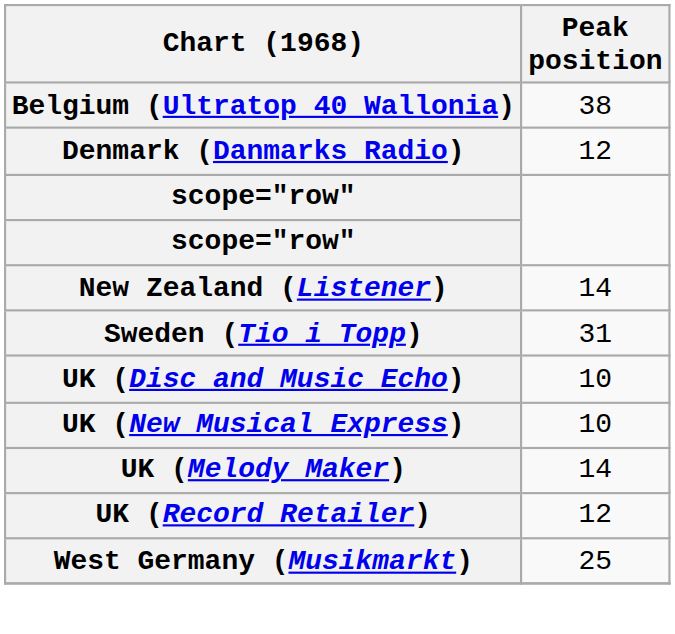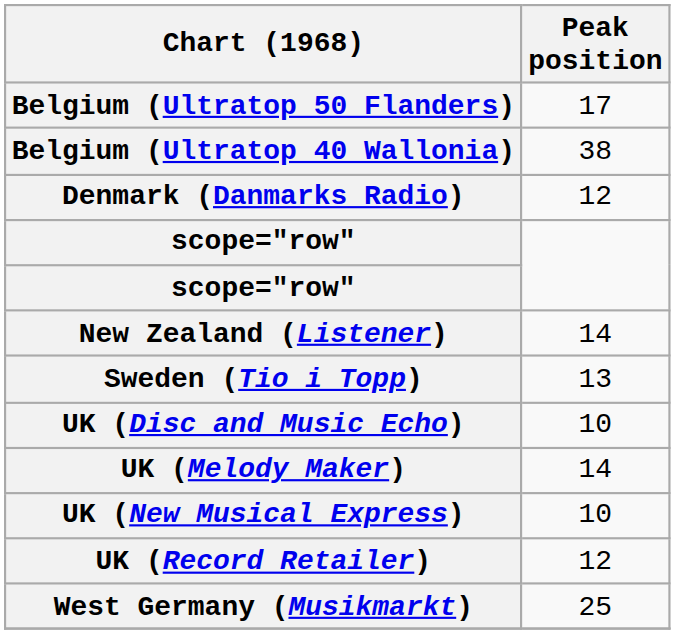 <table class="wikitable plainrowheaders sortable">
 <tr>
 <th scope="col">Chart (1968)</th>
 <th scope="col">Peak<br>position</th>
+</tr>
+<tr>
+<th scope="row">Belgium (<a href='#'>Ultratop 50 Flanders</a>)</th>
+<td align="center">17</td>
 </tr>
 <tr>
 <th scope="row">Belgium (<a href='#'>Ultratop 40 Wallonia</a>)</th>
 <td align="center">38</td>
 </tr>
 <tr>
 <th scope="row">Denmark (<a href='#'>Danmarks Radio</a>)</th>
 <td align="center">12</td>
 </tr>
 <tr>
 <th>scope="row" </th>
 </tr>
 <tr>
 <th>scope="row" </th>
 </tr>
 <tr>
 <th scope="row">New Zealand (<em><a href='#'>Listener</a></em>)</th>
 <td align="center">14</td>
 </tr>
 <tr>
 <th scope="row">Sweden (<em><a href='#'>Tio i Topp</a></em>)</th>
-<td align="center">31</td>
+<td align="center">13</td>
 </tr>
 <tr>
 <th scope="row">UK (<em><a href='#'>Disc and Music Echo</a></em>)</th>
 <td align="center">10</td>
 </tr>
 <tr>
+<th scope="row">UK (<em><a href='#'>Melody Maker</a></em>)</th>
+<td align="center">14</td>
+</tr>
+<tr>
 <th scope="row">UK (<em><a href='#'>New Musical Express</a></em>)</th>
 <td align="center">10</td>
-</tr>
-<tr>
-<th scope="row">UK (<em><a href='#'>Melody Maker</a></em>)</th>
-<td align="center">14</td>
 </tr>
 <tr>
 <th scope="row">UK (<a href='#'><em>Record Retailer</em></a>)</th>
 <td align="center">12</td>
 </tr>
 <tr>
 <th scope="row">West Germany (<em><a href='#'>Musikmarkt</a></em>)</th>
 <td align="center">25</td>
 </tr>
 <tr>
 </tr>
 </table>
